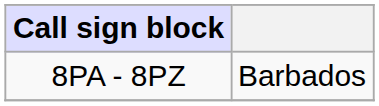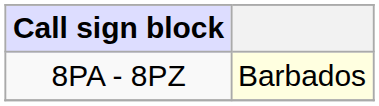 <table class=wikitable style="margin: 1em auto 1em auto;">
 <tr>
 <th style="background: #ddddff;">Call sign block</th>
 <th></th>
 </tr>
 <tr>
 <td align="center">8PA - 8PZ</td>
-<td>Barbados</td>
+<td style="background: lightyellow;">Barbados</td>
 </tr>
 <tr>
 </tr>
 </table>
